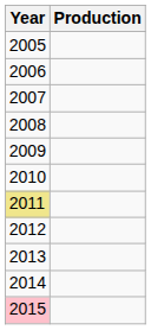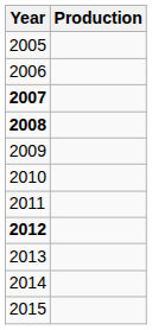 <table class="wikitable">
 <tr>
 <th>Year</th>
 <th>Production</th>
 </tr>
 <tr>
 <td>2005</td>
 <td></td>
 </tr>
 <tr>
 <td>2006</td>
 <td></td>
 </tr>
 <tr>
-<td>2007</td>
+<td><strong>2007</strong></td>
 <td></td>
 </tr>
 <tr>
-<td>2008</td>
+<td><strong>2008</strong></td>
 <td></td>
 </tr>
 <tr>
 <td>2009</td>
 <td></td>
 </tr>
 <tr>
 <td>2010</td>
 <td></td>
 </tr>
 <tr>
-<td style="background: khaki;">2011</td>
+<td>2011</td>
 <td></td>
 </tr>
 <tr>
-<td>2012</td>
+<td><strong>2012</strong></td>
 <td></td>
 </tr>
 <tr>
 <td>2013</td>
 <td></td>
 </tr>
 <tr>
 <td>2014</td>
 <td></td>
 </tr>
 <tr>
-<td style="background: pink;">2015</td>
+<td>2015</td>
 <td></td>
 </tr>
 </table>
